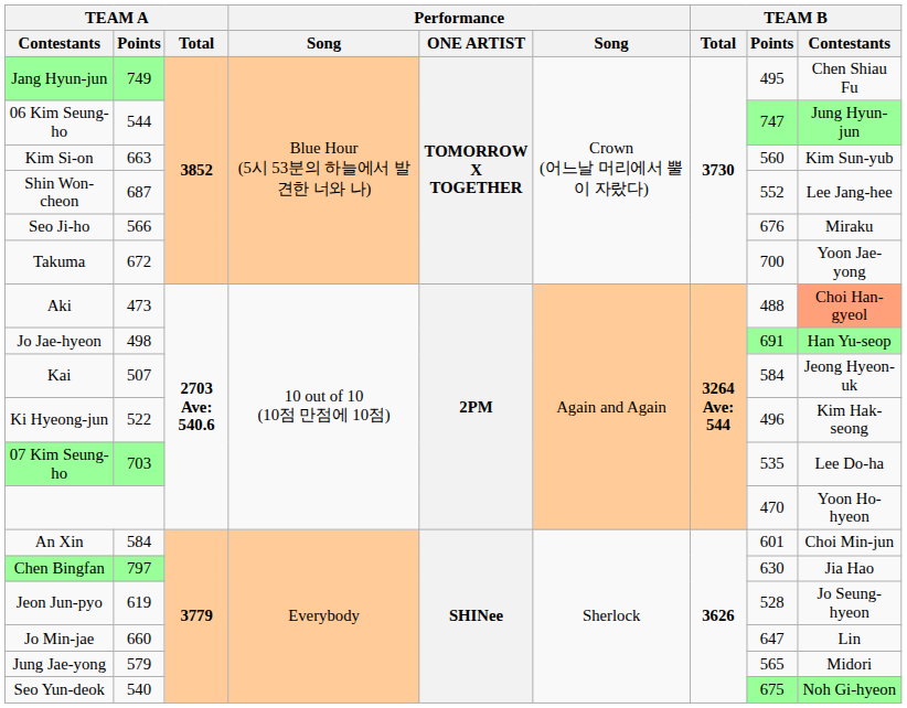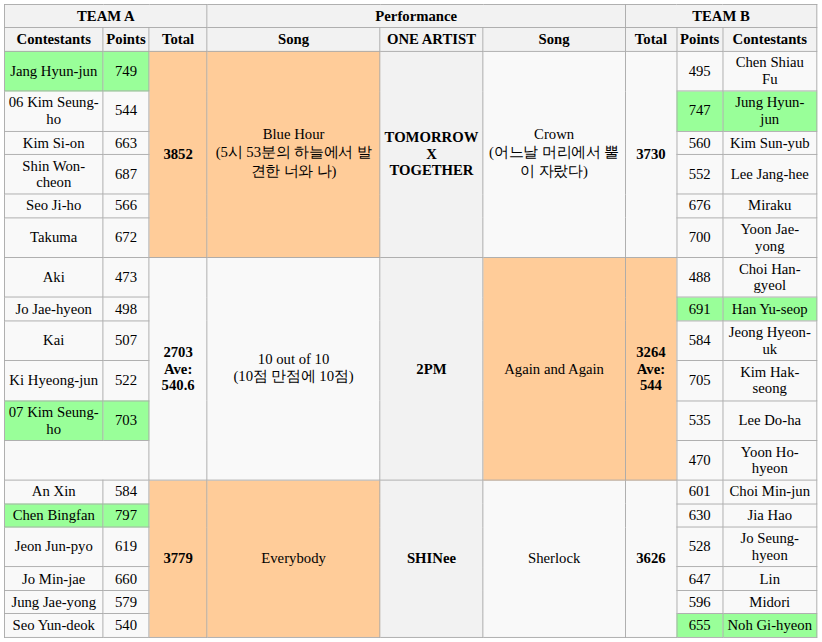 <table class="wikitable collapsible" style="width:100%; text-align:center">
 <tr>
 <th colspan="3">TEAM A</th>
 <th colspan="3">Performance</th>
 <th colspan="3">TEAM B</th>
 </tr>
 <tr>
 <th>Contestants</th>
 <th>Points</th>
 <th>Total</th>
 <th>Song</th>
 <th>ONE ARTIST</th>
 <th>Song</th>
 <th>Total</th>
 <th>Points</th>
 <th>Contestants</th>
 </tr>
 <tr>
 <td style="background:#99FF99">Jang Hyun-jun</td>
 <td style="background:#99FF99">749</td>
 <td rowspan="6" style="background:#FFCC99"><strong>3852</strong></td>
 <td rowspan="6" style="background:#FFCC99">Blue Hour<br>(5시 53분의 하늘에서 발견한 너와 나)</td>
 <th rowspan="6"><strong>TOMORROW</strong><br><strong>X</strong>   <strong>TOGETHER</strong></th>
 <td rowspan="6">Crown<br>(어느날 머리에서 뿔이 자랐다)</td>
 <td rowspan="6"><strong>3730</strong></td>
 <td>495</td>
 <td>Chen Shiau Fu</td>
 </tr>
 <tr>
 <td>06 Kim Seung-ho</td>
 <td>544</td>
 <td style="background:#99FF99">747</td>
 <td style="background:#99FF99">Jung Hyun-jun</td>
 </tr>
 <tr>
 <td>Kim Si-on</td>
 <td>663</td>
 <td>560</td>
 <td>Kim Sun-yub</td>
 </tr>
 <tr>
 <td>Shin Won-cheon</td>
 <td>687</td>
 <td>552</td>
 <td>Lee Jang-hee</td>
 </tr>
 <tr>
 <td>Seo Ji-ho</td>
 <td>566</td>
 <td>676</td>
 <td>Miraku</td>
 </tr>
 <tr>
 <td>Takuma</td>
 <td>672</td>
 <td>700</td>
 <td>Yoon Jae-yong</td>
 </tr>
 <tr>
 <td>Aki</td>
 <td>473</td>
 <td rowspan="6"><strong>2703</strong><br><strong>Ave: 540.6</strong></td>
 <td rowspan="6">10 out of 10<br>(10점 만점에 10점)</td>
 <th rowspan="6"><strong>2PM</strong></th>
 <td rowspan="6" style="background:#FFCC99">Again and Again</td>
 <td rowspan="6" style="background:#FFCC99"><strong>3264</strong><br><strong>Ave: 544</strong></td>
 <td>488</td>
-<td style="background: lightsalmon;">Choi Han-gyeol</td>
+<td>Choi Han-gyeol</td>
 </tr>
 <tr>
 <td>Jo Jae-hyeon</td>
 <td>498</td>
 <td style="background:#99FF99">691</td>
 <td style="background:#99FF99">Han Yu-seop</td>
 </tr>
 <tr>
 <td>Kai</td>
 <td>507</td>
 <td>584</td>
 <td>Jeong Hyeon-uk</td>
 </tr>
 <tr>
 <td>Ki Hyeong-jun</td>
 <td>522</td>
-<td>496</td>
+<td>705</td>
 <td>Kim Hak-seong</td>
 </tr>
 <tr>
 <td style="background:#99FF99">07 Kim Seung-ho</td>
 <td style="background:#99FF99">703</td>
 <td>535</td>
 <td>Lee Do-ha</td>
 </tr>
 <tr>
 <td colspan="2"></td>
 <td>470</td>
 <td>Yoon Ho-hyeon</td>
 </tr>
 <tr>
 <td>An Xin</td>
 <td>584</td>
 <td rowspan="6" style="background:#FFCC99"><strong>3779</strong></td>
 <td rowspan="6" style="background:#FFCC99">Everybody</td>
 <th rowspan="6"><strong>SHINee</strong></th>
 <td rowspan="6">Sherlock</td>
 <td rowspan="6"><strong>3626</strong></td>
 <td>601</td>
 <td>Choi Min-jun</td>
 </tr>
 <tr>
 <td style="background:#99FF99">Chen Bingfan</td>
 <td style="background:#99FF99">797</td>
 <td>630</td>
 <td>Jia Hao</td>
 </tr>
 <tr>
 <td>Jeon Jun-pyo</td>
 <td>619</td>
 <td>528</td>
 <td>Jo Seung-hyeon</td>
 </tr>
 <tr>
 <td>Jo Min-jae</td>
 <td>660</td>
 <td>647</td>
 <td>Lin</td>
 </tr>
 <tr>
 <td>Jung Jae-yong</td>
 <td>579</td>
-<td>565</td>
+<td>596</td>
 <td>Midori</td>
 </tr>
 <tr>
 <td>Seo Yun-deok</td>
 <td>540</td>
-<td style="background:#99FF99">675</td>
+<td style="background:#99FF99">655</td>
 <td style="background:#99FF99">Noh Gi-hyeon</td>
 </tr>
 </table>
